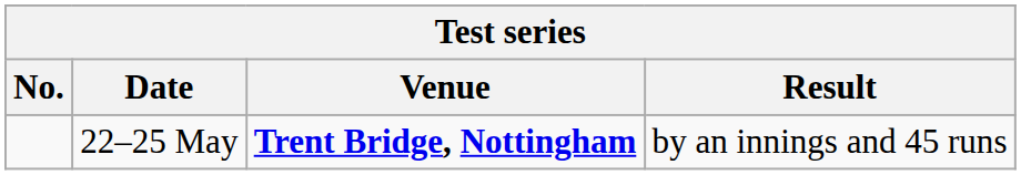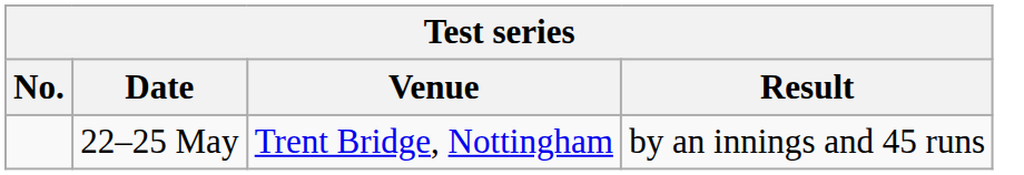 <table class="wikitable">
 <tr>
 <th colspan="4">Test series</th>
 </tr>
 <tr>
 <th>No.</th>
 <th>Date</th>
 <th>Venue</th>
 <th>Result</th>
 </tr>
 <tr>
 <td></td>
 <td>22–25 May</td>
-<td><strong><a href='#'>Trent Bridge</a>, <a href='#'>Nottingham</a></strong></td>
+<td><a href='#'>Trent Bridge</a>, <a href='#'>Nottingham</a></td>
 <td> by an innings and 45 runs</td>
 </tr>
 </table>
